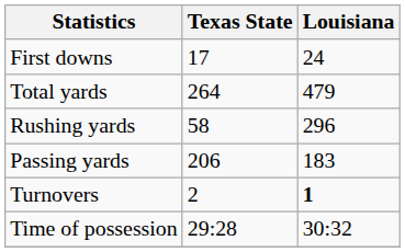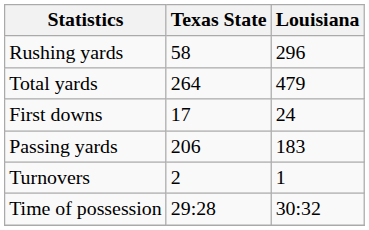 <table class="wikitable">
 <tr>
 <th>Statistics</th>
 <th>Texas State</th>
 <th>Louisiana</th>
 </tr>
 <tr>
-<td>First downs</td>
-<td>17</td>
-<td>24</td>
+<td>Rushing yards</td>
+<td>58</td>
+<td>296</td>
 </tr>
 <tr>
 <td>Total yards</td>
 <td>264</td>
 <td>479</td>
 </tr>
 <tr>
-<td>Rushing yards</td>
-<td>58</td>
-<td>296</td>
+<td>First downs</td>
+<td>17</td>
+<td>24</td>
 </tr>
 <tr>
 <td>Passing yards</td>
 <td>206</td>
 <td>183</td>
 </tr>
 <tr>
 <td>Turnovers</td>
 <td>2</td>
-<td><strong>1</strong></td>
+<td>1</td>
 </tr>
 <tr>
 <td>Time of possession</td>
 <td>29:28</td>
 <td>30:32</td>
 </tr>
 <tr>
 </tr>
 </table>
